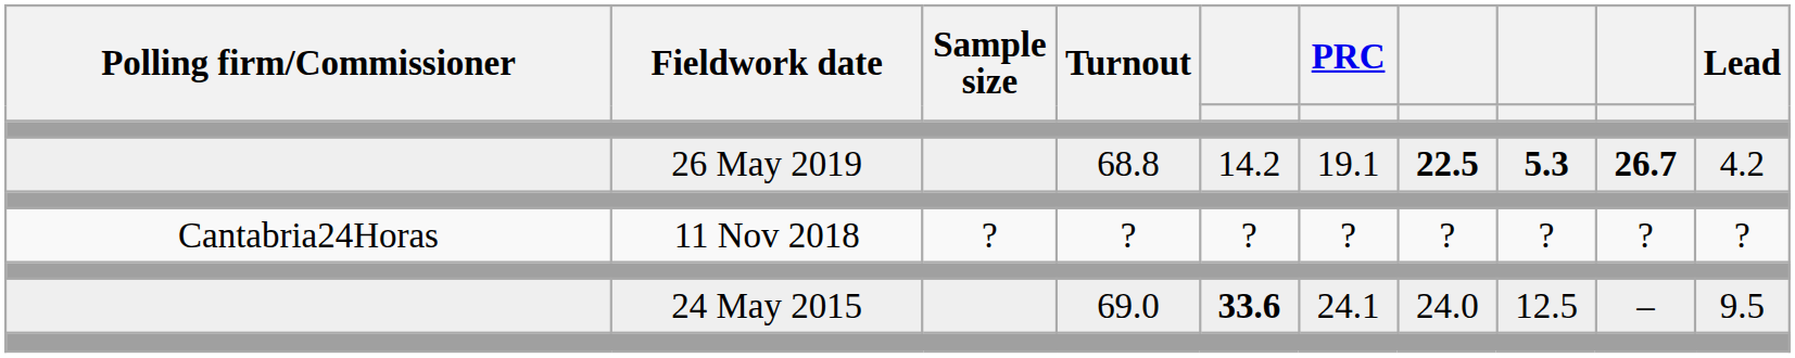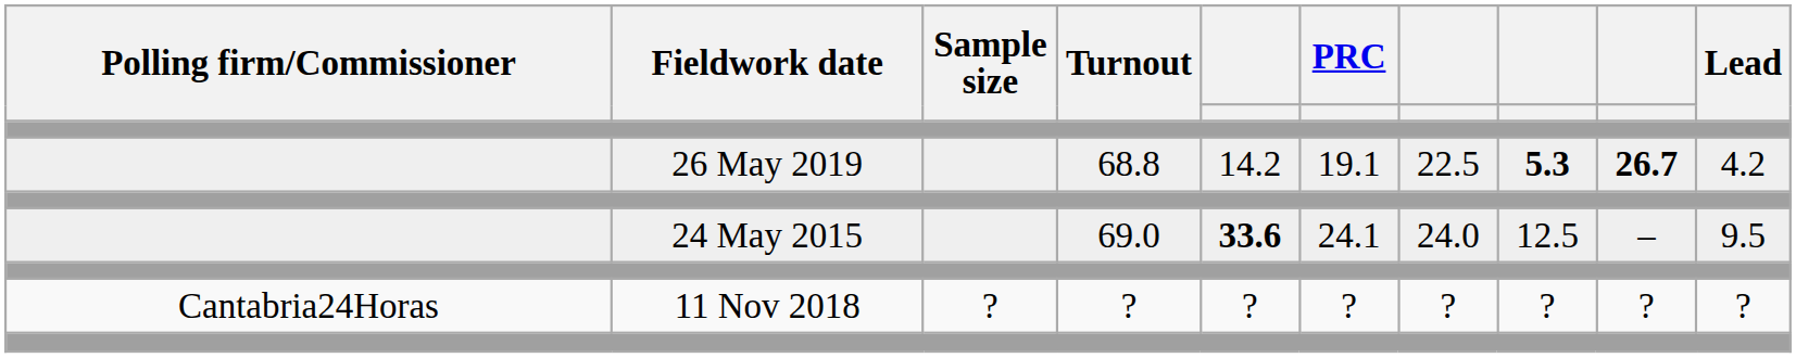 <table class="wikitable collapsible collapsed" style="text-align:center; font-size:95%; line-height:16px;">
 <tr style="height:42px;">
 <th style="width:250px;" rowspan="2">Polling firm/Commissioner</th>
 <th style="width:125px;" rowspan="2">Fieldwork date</th>
 <th style="width:50px;" rowspan="2">Sample size</th>
 <th style="width:45px;" rowspan="2">Turnout</th>
 <th style="width:35px;"></th>
 <th style="width:35px;"><a href='#'>PRC</a></th>
 <th style="width:35px;"></th>
 <th style="width:35px;"></th>
 <th style="width:35px;"></th>
 <th style="width:30px;" rowspan="2">Lead</th>
 </tr>
 <tr>
 <th style="color:inherit;background:"></th>
 <th style="color:inherit;background:"></th>
 <th style="color:inherit;background:"></th>
 <th style="color:inherit;background:"></th>
 <th style="color:inherit;background:"></th>
 </tr>
 <tr>
 <td colspan="10" style="background:#A0A0A0"></td>
 </tr>
 <tr style="background:#EFEFEF;">
 <td><strong></strong></td>
 <td>26 May 2019</td>
 <td></td>
 <td>68.8</td>
 <td>14.2<br></td>
 <td>19.1<br></td>
-<td><strong>22.5<br></strong></td>
+<td>22.5<br></td>
 <td><strong>5.3<br></strong></td>
 <td><strong>26.7</strong><br></td>
 <td style="background:">4.2</td>
+</tr>
+<tr>
+<td colspan="10" style="background:#A0A0A0"></td>
+</tr>
+<tr style="background:#EFEFEF;">
+<td><strong></strong></td>
+<td>24 May 2015</td>
+<td></td>
+<td>69.0</td>
+<td><strong>33.6</strong><br></td>
+<td>24.1<br></td>
+<td>24.0<br></td>
+<td>12.5<br></td>
+<td>–</td>
+<td style="background:">9.5</td>
 </tr>
 <tr>
 <td colspan="10" style="background:#A0A0A0"></td>
 </tr>
 <tr>
 <td>Cantabria24Horas</td>
 <td>11 Nov 2018</td>
 <td>?</td>
 <td>?</td>
 <td>?<br></td>
 <td>?<br></td>
 <td>?<br></td>
 <td>?<br></td>
 <td>?<br></td>
 <td style="background:">?</td>
 </tr>
 <tr>
 <td colspan="10" style="background:#A0A0A0"></td>
 </tr>
-<tr style="background:#EFEFEF;">
-<td><strong></strong></td>
-<td>24 May 2015</td>
-<td></td>
-<td>69.0</td>
-<td><strong>33.6</strong><br></td>
-<td>24.1<br></td>
-<td>24.0<br></td>
-<td>12.5<br></td>
-<td>–</td>
-<td style="background:">9.5</td>
-</tr>
-<tr>
-<td colspan="10" style="background:#A0A0A0"></td>
-</tr>
 </table>
